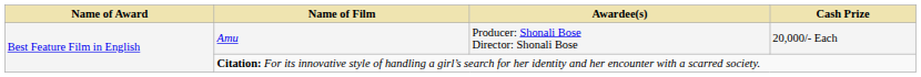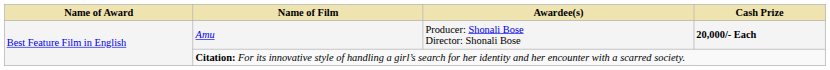 <table class="wikitable" style="width:100%">
 <tr>
 <th style="background-color:#EFE4B0;width:23%;">Name of Award</th>
 <th style="background-color:#EFE4B0;width:28%;">Name of Film</th>
 <th style="background-color:#EFE4B0;width:33%;">Awardee(s)</th>
 <th style="background-color:#EFE4B0;width:16%;">Cash Prize</th>
 </tr>
 <tr style="background-color:#F4F4F4">
 <td rowspan="2"><a href='#'>Best Feature Film in English</a></td>
 <td><em><a href='#'>Amu</a></em></td>
 <td>Producer: <a href='#'>Shonali Bose</a><br>Director: Shonali Bose</td>
-<td> 20,000/- Each</td>
+<td><strong> 20,000/- Each</strong></td>
 </tr>
 <tr style="background-color:#F9F9F9">
 <td colspan="3"><strong>Citation:</strong> <em>For its innovative style of handling a girl’s search for her identity and her encounter with a scarred society.</em></td>
 </tr>
 </table>
